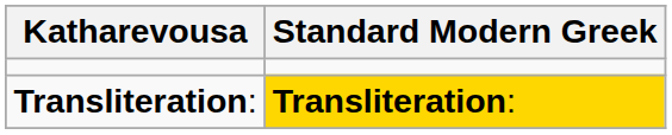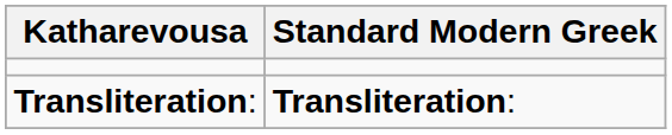 <table class="wikitable">
 <tr>
 <th>Katharevousa</th>
 <th>Standard Modern Greek</th>
 </tr>
 <tr>
 <td></td>
 <td></td>
 </tr>
 <tr>
 <td><strong>Transliteration</strong>: </td>
-<td style="background: gold;"><strong>Transliteration</strong>: </td>
+<td><strong>Transliteration</strong>: </td>
 </tr>
 </table>
